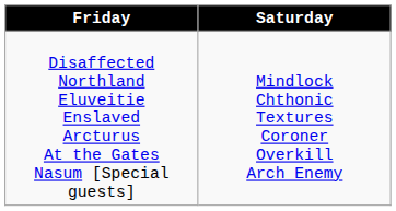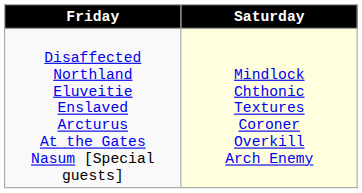 <table class="wikitable">
 <tr>
 <th width=150px style="background:black; color:white">Friday</th>
 <th width=150px style="background:black; color:white">Saturday</th>
 </tr>
 <tr>
 <td style="text-align: center;"><br><a href='#'>Disaffected</a><br> <a href='#'>Northland</a><br> <a href='#'>Eluveitie</a><br> <a href='#'>Enslaved</a><br> <a href='#'>Arcturus</a><br> <a href='#'>At the Gates</a><br> <a href='#'>Nasum</a> [Special guests]</td>
-<td style="text-align: center;"><br><a href='#'>Mindlock</a><br> <a href='#'>Chthonic</a><br> <a href='#'>Textures</a><br> <a href='#'>Coroner</a><br> <a href='#'>Overkill</a><br> <a href='#'>Arch Enemy</a></td>
+<td style="background: lightyellow; text-align: center;"><br><a href='#'>Mindlock</a><br> <a href='#'>Chthonic</a><br> <a href='#'>Textures</a><br> <a href='#'>Coroner</a><br> <a href='#'>Overkill</a><br> <a href='#'>Arch Enemy</a></td>
 </tr>
 </table>
